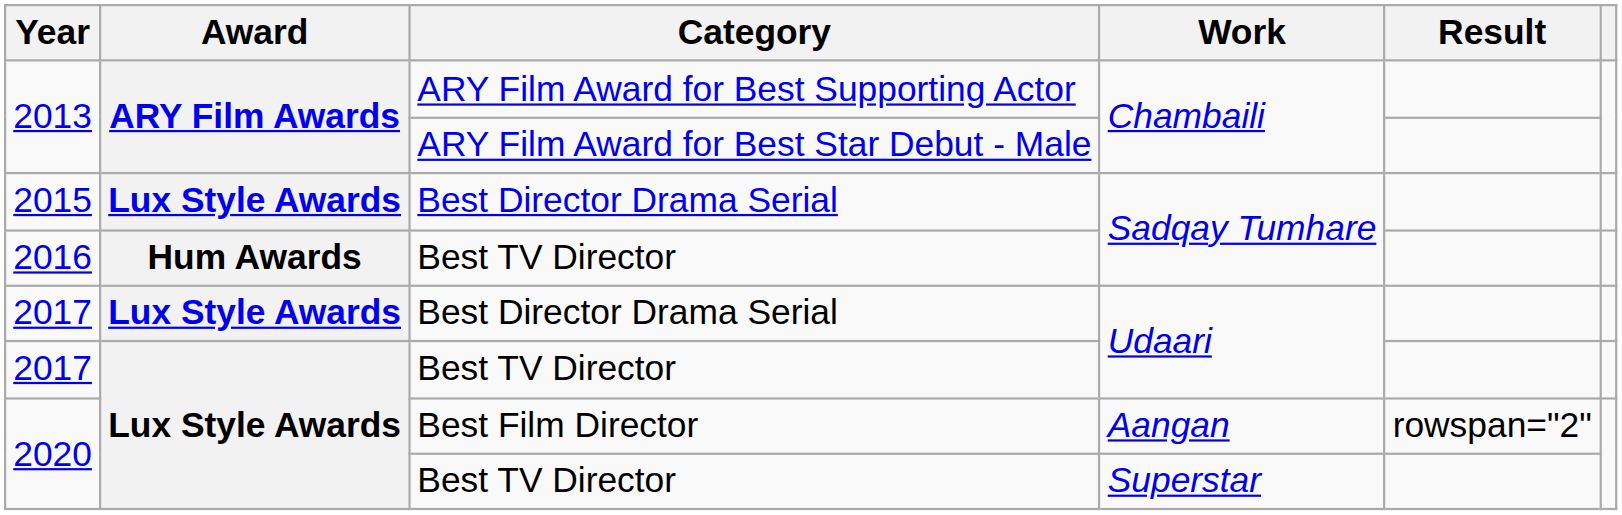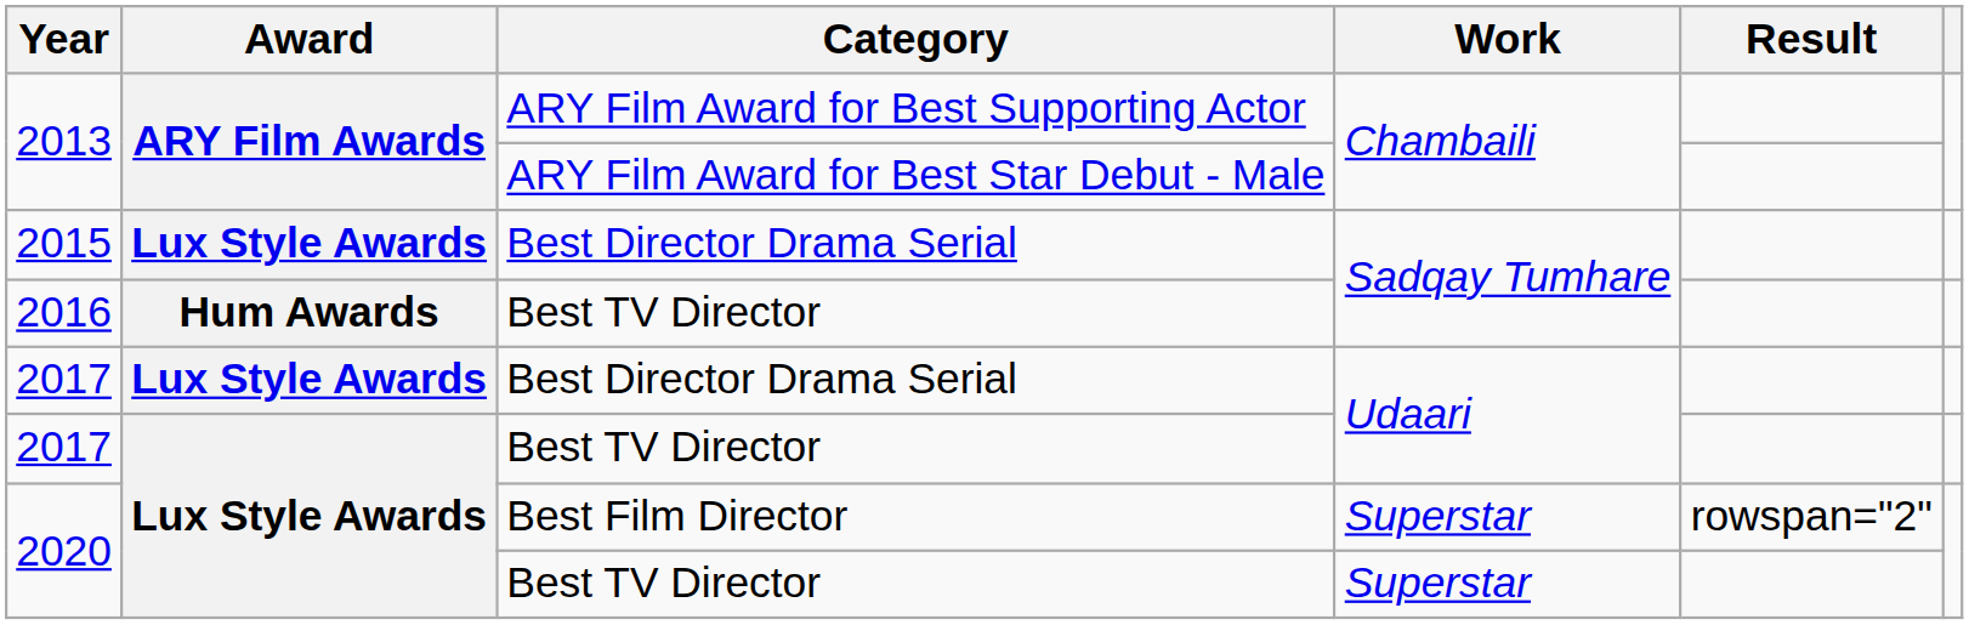 <table class="wikitable plainrowheaders">
 <tr>
 <th>Year</th>
 <th>Award</th>
 <th>Category</th>
 <th>Work</th>
 <th scope="col" class="unsortable">Result</th>
 <th scope="col" class="unsortable"></th>
 </tr>
 <tr>
 <td rowspan="2"><a href='#'>2013</a></td>
 <th scope="row" rowspan="2"><a href='#'>ARY Film Awards</a></th>
 <td><a href='#'>ARY Film Award for Best Supporting Actor</a></td>
 <td rowspan="2"><em><a href='#'>Chambaili</a></em></td>
 <td></td>
 <td rowspan="2"></td>
 </tr>
 <tr>
 <td><a href='#'>ARY Film Award for Best Star Debut - Male</a></td>
 <td></td>
 </tr>
 <tr>
 <td><a href='#'>2015</a></td>
 <th scope="row"><a href='#'>Lux Style Awards</a></th>
 <td><a href='#'>Best Director Drama Serial</a></td>
 <td rowspan="2"><em><a href='#'>Sadqay Tumhare</a></em></td>
 <td></td>
 <td></td>
 </tr>
 <tr>
 <td><a href='#'>2016</a></td>
 <th scope="row">Hum Awards</th>
 <td>Best TV Director</td>
 <td></td>
 <td></td>
 </tr>
 <tr>
 <td><a href='#'>2017</a></td>
 <th scope="row"><a href='#'>Lux Style Awards</a></th>
 <td>Best Director Drama Serial</td>
 <td rowspan="2"><em><a href='#'>Udaari</a></em></td>
 <td></td>
 <td></td>
 </tr>
 <tr>
 <td><a href='#'>2017</a></td>
 <th scope="row" rowspan="3">Lux Style Awards</th>
 <td>Best TV Director</td>
 <td></td>
 <td></td>
 </tr>
 <tr>
 <td rowspan="2"><a href='#'>2020</a></td>
 <td>Best Film Director</td>
-<td><a href='#'><em>Aangan</em></a></td>
+<td><a href='#'><em>Superstar</em></a></td>
 <td>rowspan="2" </td>
 <td rowspan="2"></td>
 </tr>
 <tr>
 <td>Best TV Director</td>
 <td><a href='#'><em>Superstar</em></a></td>
 </tr>
 </table>
